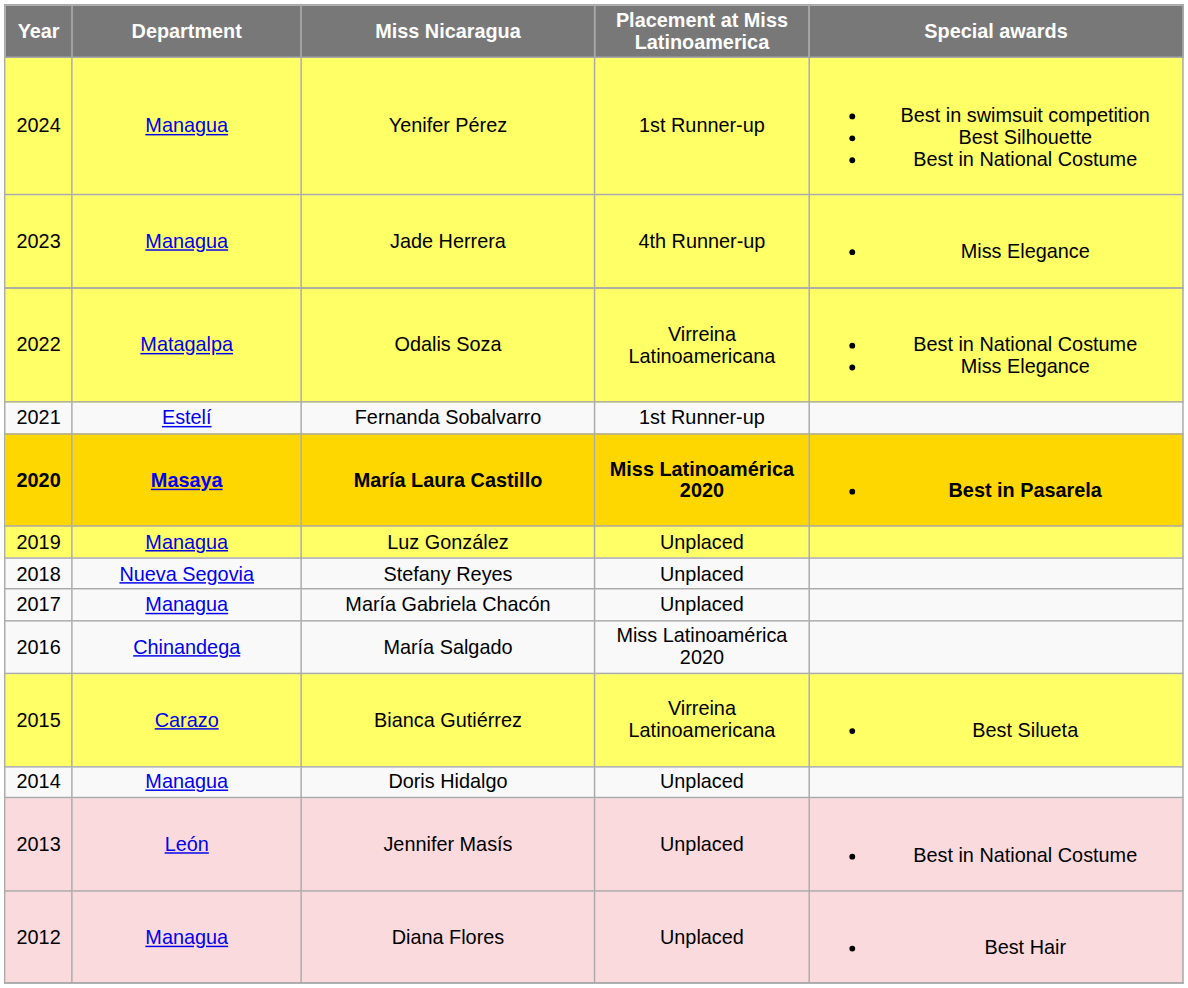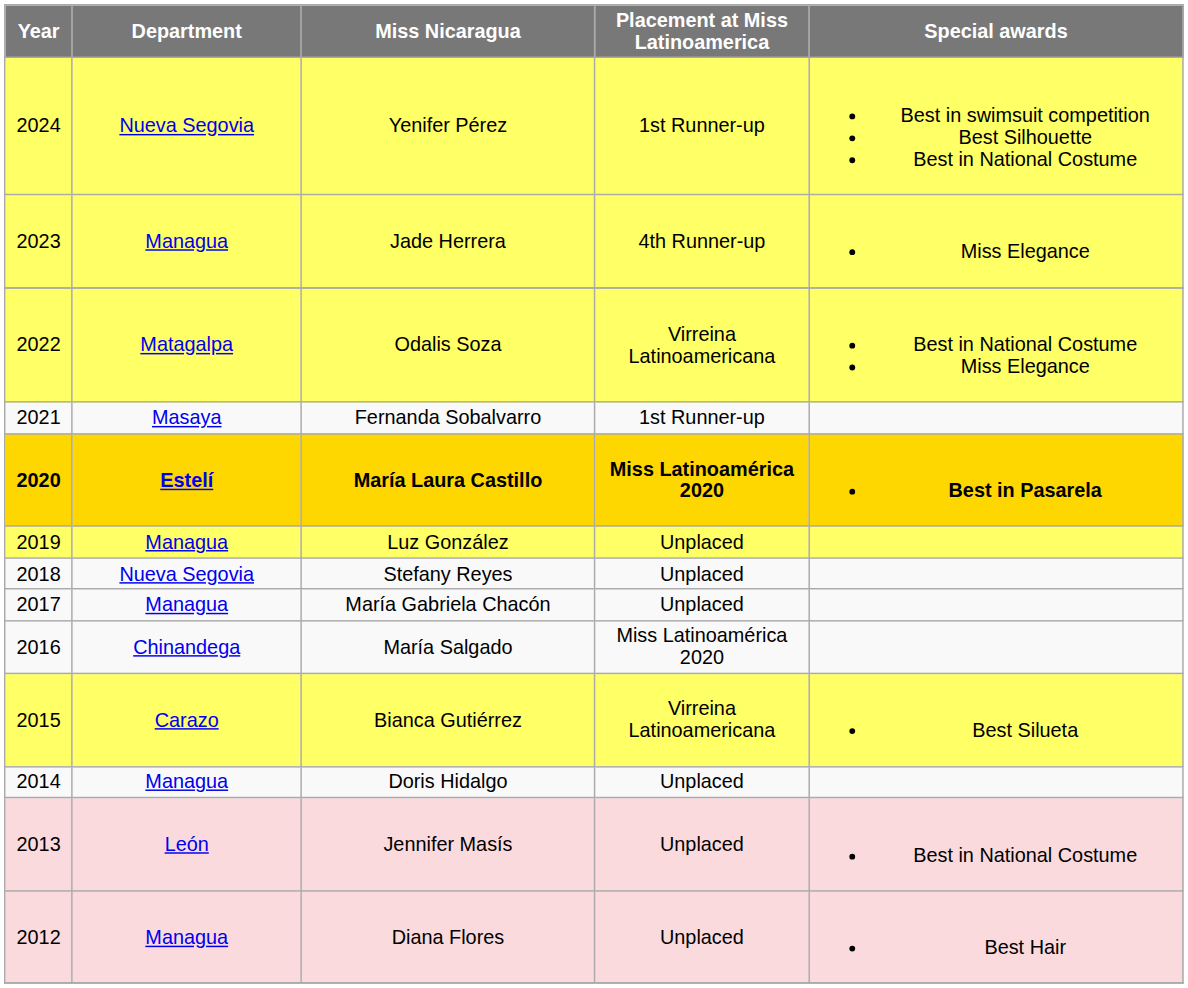 <table class="wikitable " style="font-size: 85%; text-align:center">
 <tr>
 <th width="40" style="background-color:#787878;color:#FFFFFF;">Year</th>
 <th width="150" style="background-color:#787878;color:#FFFFFF;">Department</th>
 <th width="195" style="background-color:#787878;color:#FFFFFF;">Miss Nicaragua</th>
 <th width="140" style="background-color:#787878;color:#FFFFFF;">Placement at Miss Latinoamerica</th>
 <th width="250" style="background-color:#787878;color:#FFFFFF;">Special awards</th>
 </tr>
 <tr style="background-color:#FFFF66">
 <td>2024</td>
-<td><a href='#'>Managua</a></td>
+<td><a href='#'>Nueva Segovia</a></td>
 <td>Yenifer Pérez</td>
 <td>1st Runner-up</td>
 <td><br><ul><li>Best in swimsuit competition</li><li>Best Silhouette</li><li>Best in National Costume</li></ul></td>
 </tr>
 <tr style="background-color:#FFFF66">
 <td>2023</td>
 <td><a href='#'>Managua</a></td>
 <td>Jade Herrera</td>
 <td>4th Runner-up</td>
 <td><br><ul><li>Miss Elegance</li></ul></td>
 </tr>
 <tr>
 </tr>
 <tr style="background-color:#FFFF66">
 <td>2022</td>
 <td><a href='#'>Matagalpa</a></td>
 <td>Odalis Soza</td>
 <td>Virreina Latinoamericana</td>
 <td><br><ul><li>Best in National Costume</li><li>Miss Elegance</li></ul></td>
 </tr>
 <tr>
 <td>2021</td>
-<td><a href='#'>Estelí</a></td>
+<td><a href='#'>Masaya</a></td>
 <td>Fernanda Sobalvarro</td>
 <td>1st Runner-up</td>
 <td></td>
 </tr>
 <tr style="background-color:GOLD; font-weight: bold">
 <td>2020</td>
-<td><a href='#'>Masaya</a></td>
+<td><a href='#'>Estelí</a></td>
 <td>María Laura Castillo</td>
 <td>Miss Latinoamérica 2020</td>
 <td><br><ul><li>Best in Pasarela</li></ul></td>
 </tr>
 <tr style="background-color:#FFFF66">
 <td>2019</td>
 <td><a href='#'>Managua</a></td>
 <td>Luz González</td>
 <td>Unplaced</td>
 <td></td>
 </tr>
 <tr>
 <td>2018</td>
 <td><a href='#'>Nueva Segovia</a></td>
 <td>Stefany Reyes</td>
 <td>Unplaced</td>
 <td></td>
 </tr>
 <tr>
 <td>2017</td>
 <td><a href='#'>Managua</a></td>
 <td>María Gabriela Chacón</td>
 <td>Unplaced</td>
 <td></td>
 </tr>
 <tr>
 <td>2016</td>
 <td><a href='#'>Chinandega</a></td>
 <td>María Salgado</td>
 <td>Miss Latinoamérica 2020</td>
 <td></td>
 </tr>
 <tr style="background-color:#FFFF66">
 <td>2015</td>
 <td><a href='#'>Carazo</a></td>
 <td>Bianca Gutiérrez</td>
 <td>Virreina Latinoamericana</td>
 <td><br><ul><li>Best Silueta</li></ul></td>
 </tr>
 <tr>
 <td>2014</td>
 <td><a href='#'>Managua</a></td>
 <td>Doris Hidalgo</td>
 <td>Unplaced</td>
 <td></td>
 </tr>
 <tr style="background-color:#FADADD">
 <td>2013</td>
 <td><a href='#'>León</a></td>
 <td>Jennifer Masís</td>
 <td>Unplaced</td>
 <td><br><ul><li>Best in National Costume</li></ul></td>
 </tr>
 <tr style="background-color:#FADADD">
 <td>2012</td>
 <td><a href='#'>Managua</a></td>
 <td>Diana Flores</td>
 <td>Unplaced</td>
 <td><br><ul><li>Best Hair</li></ul></td>
 </tr>
 <tr>
 </tr>
 </table>
